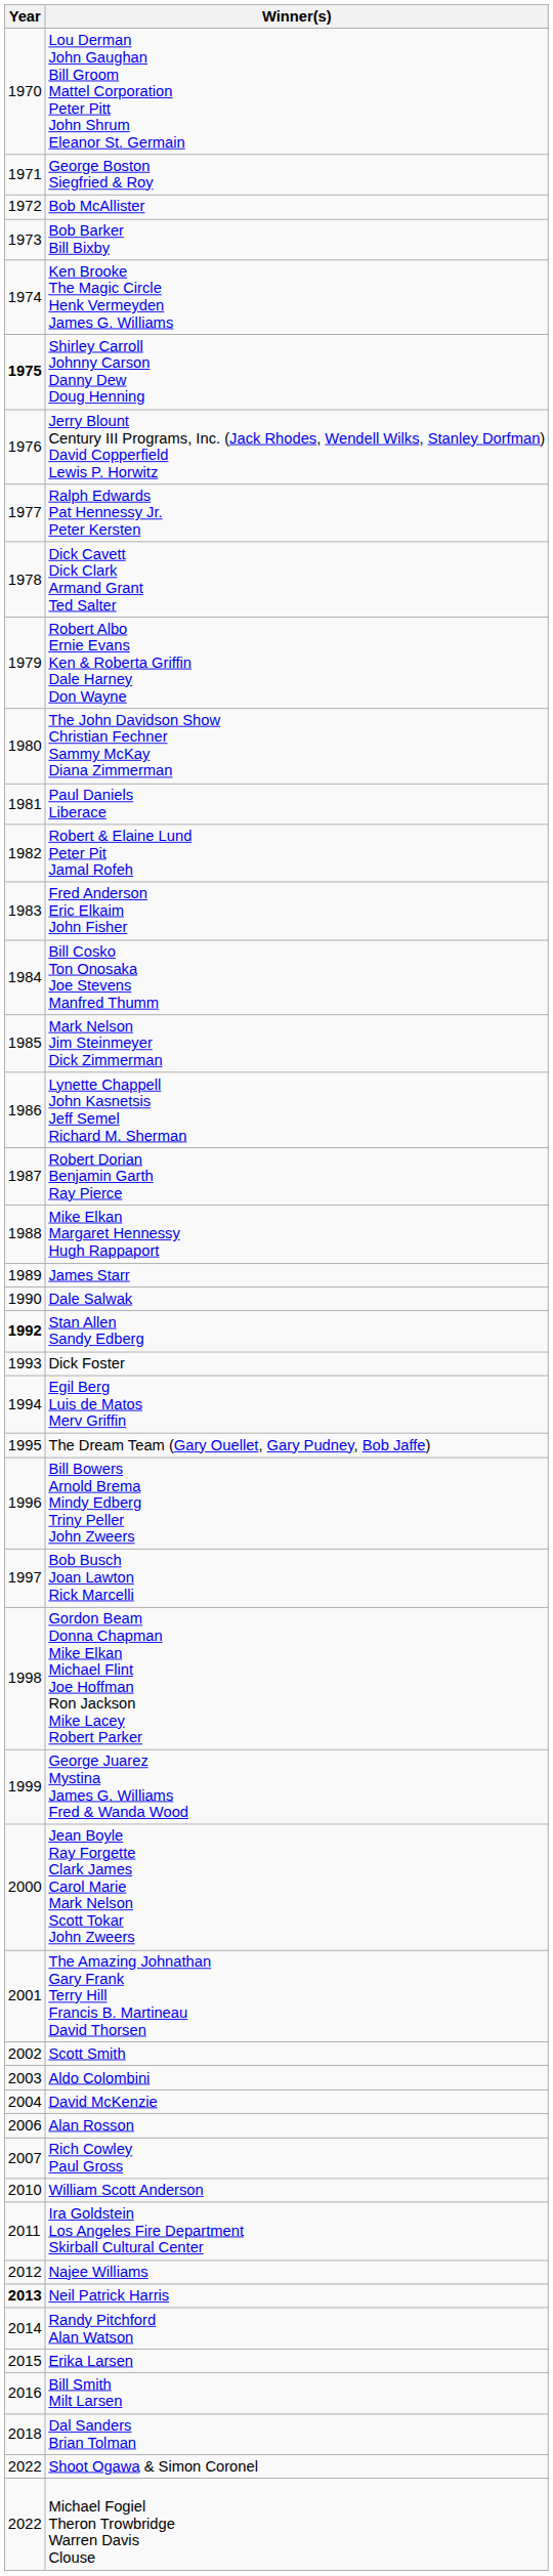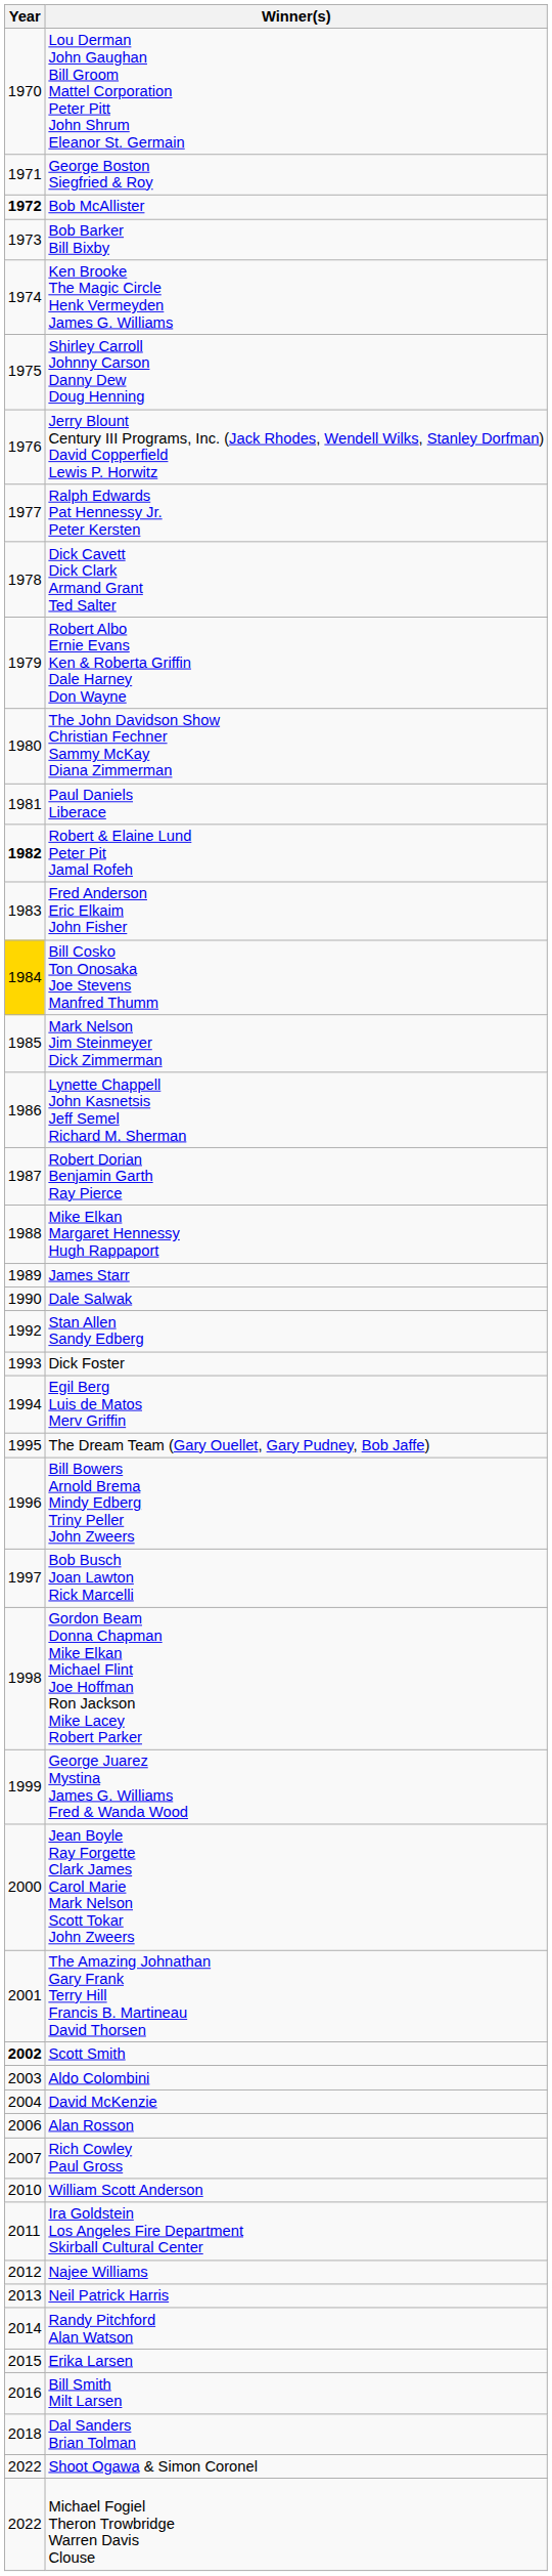 <table class="wikitable sortable">
 <tr>
 <th>Year</th>
 <th>Winner(s)</th>
 </tr>
 <tr>
 <td>1970</td>
 <td><a href='#'>Lou Derman</a><br><a href='#'>John Gaughan</a><br><a href='#'>Bill Groom</a><br><a href='#'>Mattel Corporation</a><br><a href='#'>Peter Pitt</a><br><a href='#'>John Shrum</a><br><a href='#'>Eleanor St. Germain</a></td>
 </tr>
 <tr>
 <td>1971</td>
 <td><a href='#'>George Boston</a><br><a href='#'>Siegfried & Roy</a></td>
 </tr>
 <tr>
-<td>1972</td>
+<td><strong>1972</strong></td>
 <td><a href='#'>Bob McAllister</a></td>
 </tr>
 <tr>
 <td>1973</td>
 <td><a href='#'>Bob Barker</a><br><a href='#'>Bill Bixby</a></td>
 </tr>
 <tr>
 <td>1974</td>
 <td><a href='#'>Ken Brooke</a><br><a href='#'>The Magic Circle</a><br><a href='#'>Henk Vermeyden</a><br><a href='#'>James G. Williams</a></td>
 </tr>
 <tr>
-<td><strong>1975</strong></td>
+<td>1975</td>
 <td><a href='#'>Shirley Carroll</a><br><a href='#'>Johnny Carson</a><br><a href='#'>Danny Dew</a><br><a href='#'>Doug Henning</a></td>
 </tr>
 <tr>
 <td>1976</td>
 <td><a href='#'>Jerry Blount</a><br>Century III Programs, Inc. (<a href='#'>Jack Rhodes</a>, <a href='#'>Wendell Wilks</a>, <a href='#'>Stanley Dorfman</a>)<br><a href='#'>David Copperfield</a><br><a href='#'>Lewis P. Horwitz</a></td>
 </tr>
 <tr>
 <td>1977</td>
 <td><a href='#'>Ralph Edwards</a><br><a href='#'>Pat Hennessy Jr.</a><br><a href='#'>Peter Kersten</a></td>
 </tr>
 <tr>
 <td>1978</td>
 <td><a href='#'>Dick Cavett</a><br><a href='#'>Dick Clark</a><br><a href='#'>Armand Grant</a><br><a href='#'>Ted Salter</a></td>
 </tr>
 <tr>
 <td>1979</td>
 <td><a href='#'>Robert Albo</a><br><a href='#'>Ernie Evans</a><br><a href='#'>Ken & Roberta Griffin</a><br><a href='#'>Dale Harney</a><br><a href='#'>Don Wayne</a></td>
 </tr>
 <tr>
 <td>1980</td>
 <td><a href='#'>The John Davidson Show</a><br><a href='#'>Christian Fechner</a><br><a href='#'>Sammy McKay</a><br><a href='#'>Diana Zimmerman</a></td>
 </tr>
 <tr>
 <td>1981</td>
 <td><a href='#'>Paul Daniels</a><br><a href='#'>Liberace</a></td>
 </tr>
 <tr>
-<td>1982</td>
+<td><strong>1982</strong></td>
 <td><a href='#'>Robert & Elaine Lund</a><br><a href='#'>Peter Pit</a><br><a href='#'>Jamal Rofeh</a></td>
 </tr>
 <tr>
 <td>1983</td>
 <td><a href='#'>Fred Anderson</a><br><a href='#'>Eric Elkaim</a><br><a href='#'>John Fisher</a></td>
 </tr>
 <tr>
-<td>1984</td>
+<td style="background: gold;">1984</td>
 <td><a href='#'>Bill Cosko</a><br><a href='#'>Ton Onosaka</a><br><a href='#'>Joe Stevens</a><br><a href='#'>Manfred Thumm</a></td>
 </tr>
 <tr>
 <td>1985</td>
 <td><a href='#'>Mark Nelson</a><br><a href='#'>Jim Steinmeyer</a><br><a href='#'>Dick Zimmerman</a></td>
 </tr>
 <tr>
 <td>1986</td>
 <td><a href='#'>Lynette Chappell</a><br><a href='#'>John Kasnetsis</a><br><a href='#'>Jeff Semel</a><br><a href='#'>Richard M. Sherman</a></td>
 </tr>
 <tr>
 <td>1987</td>
 <td><a href='#'>Robert Dorian</a><br><a href='#'>Benjamin Garth</a><br><a href='#'>Ray Pierce</a></td>
 </tr>
 <tr>
 <td>1988</td>
 <td><a href='#'>Mike Elkan</a><br><a href='#'>Margaret Hennessy</a><br><a href='#'>Hugh Rappaport</a></td>
 </tr>
 <tr>
 <td>1989</td>
 <td><a href='#'>James Starr</a></td>
 </tr>
 <tr>
 <td>1990</td>
 <td><a href='#'>Dale Salwak</a></td>
 </tr>
 <tr>
-<td><strong>1992</strong></td>
+<td>1992</td>
 <td><a href='#'>Stan Allen</a><br><a href='#'>Sandy Edberg</a></td>
 </tr>
 <tr>
 <td>1993</td>
 <td>Dick Foster</td>
 </tr>
 <tr>
 <td>1994</td>
 <td><a href='#'>Egil Berg</a><br><a href='#'>Luis de Matos</a><br><a href='#'>Merv Griffin</a></td>
 </tr>
 <tr>
 <td>1995</td>
 <td>The Dream Team (<a href='#'>Gary Ouellet</a>, <a href='#'>Gary Pudney</a>, <a href='#'>Bob Jaffe</a>)</td>
 </tr>
 <tr>
 <td>1996</td>
 <td><a href='#'>Bill Bowers</a><br><a href='#'>Arnold Brema</a><br><a href='#'>Mindy Edberg</a><br><a href='#'>Triny Peller</a><br><a href='#'>John Zweers</a></td>
 </tr>
 <tr>
 <td>1997</td>
 <td><a href='#'>Bob Busch</a><br><a href='#'>Joan Lawton</a><br><a href='#'>Rick Marcelli</a></td>
 </tr>
 <tr>
 <td>1998</td>
 <td><a href='#'>Gordon Beam</a><br><a href='#'>Donna Chapman</a><br><a href='#'>Mike Elkan</a><br><a href='#'>Michael Flint</a><br><a href='#'>Joe Hoffman</a><br>Ron Jackson<br><a href='#'>Mike Lacey</a><br><a href='#'>Robert Parker</a></td>
 </tr>
 <tr>
 <td>1999</td>
 <td><a href='#'>George Juarez</a><br><a href='#'>Mystina</a><br><a href='#'>James G. Williams</a><br><a href='#'>Fred & Wanda Wood</a></td>
 </tr>
 <tr>
 <td>2000</td>
 <td><a href='#'>Jean Boyle</a><br><a href='#'>Ray Forgette</a><br><a href='#'>Clark James</a><br><a href='#'>Carol Marie</a><br><a href='#'>Mark Nelson</a><br><a href='#'>Scott Tokar</a><br><a href='#'>John Zweers</a></td>
 </tr>
 <tr>
 <td>2001</td>
 <td><a href='#'>The Amazing Johnathan</a><br><a href='#'>Gary Frank</a><br><a href='#'>Terry Hill</a><br><a href='#'>Francis B. Martineau</a><br><a href='#'>David Thorsen</a></td>
 </tr>
 <tr>
-<td>2002</td>
+<td><strong>2002</strong></td>
 <td><a href='#'>Scott Smith</a></td>
 </tr>
 <tr>
 <td>2003</td>
 <td><a href='#'>Aldo Colombini</a></td>
 </tr>
 <tr>
 <td>2004</td>
 <td><a href='#'>David McKenzie</a></td>
 </tr>
 <tr>
 <td>2006</td>
 <td><a href='#'>Alan Rosson</a></td>
 </tr>
 <tr>
 <td>2007</td>
 <td><a href='#'>Rich Cowley</a><br><a href='#'>Paul Gross</a></td>
 </tr>
 <tr>
 <td>2010</td>
 <td><a href='#'>William Scott Anderson</a></td>
 </tr>
 <tr>
 <td>2011</td>
 <td><a href='#'>Ira Goldstein</a><br><a href='#'>Los Angeles Fire Department</a><br><a href='#'>Skirball Cultural Center</a></td>
 </tr>
 <tr>
 <td>2012</td>
 <td><a href='#'>Najee Williams</a></td>
 </tr>
 <tr>
-<td><strong>2013</strong></td>
+<td>2013</td>
 <td><a href='#'>Neil Patrick Harris</a></td>
 </tr>
 <tr>
 <td>2014</td>
 <td><a href='#'>Randy Pitchford</a><br><a href='#'>Alan Watson</a></td>
 </tr>
 <tr>
 <td>2015</td>
 <td><a href='#'>Erika Larsen</a></td>
 </tr>
 <tr>
 <td>2016</td>
 <td><a href='#'>Bill Smith</a><br><a href='#'>Milt Larsen</a></td>
 </tr>
 <tr>
 <td>2018</td>
 <td><a href='#'>Dal Sanders</a><br><a href='#'>Brian Tolman</a></td>
 </tr>
 <tr>
 <td>2022</td>
 <td><a href='#'>Shoot Ogawa</a> & Simon Coronel</td>
 </tr>
 <tr>
 <td>2022</td>
 <td><br>Michael Fogiel<br>Theron Trowbridge<br>Warren Davis<br>Clouse</td>
 </tr>
 </table>
